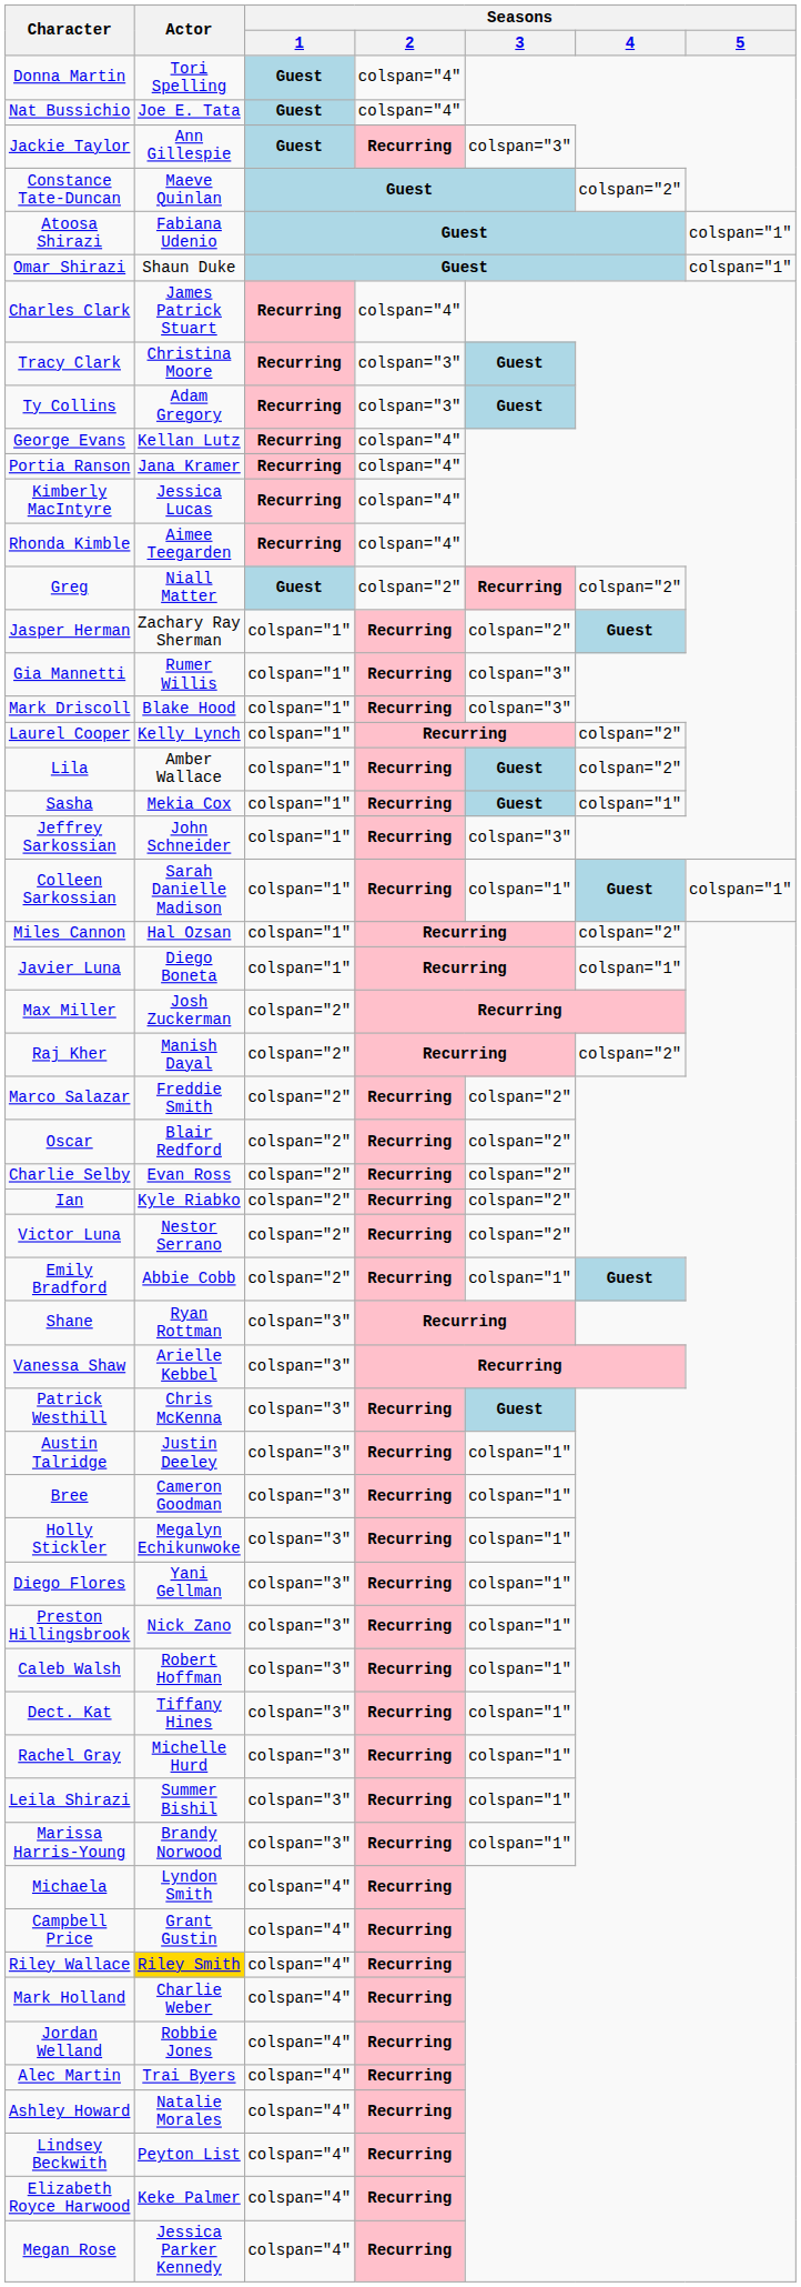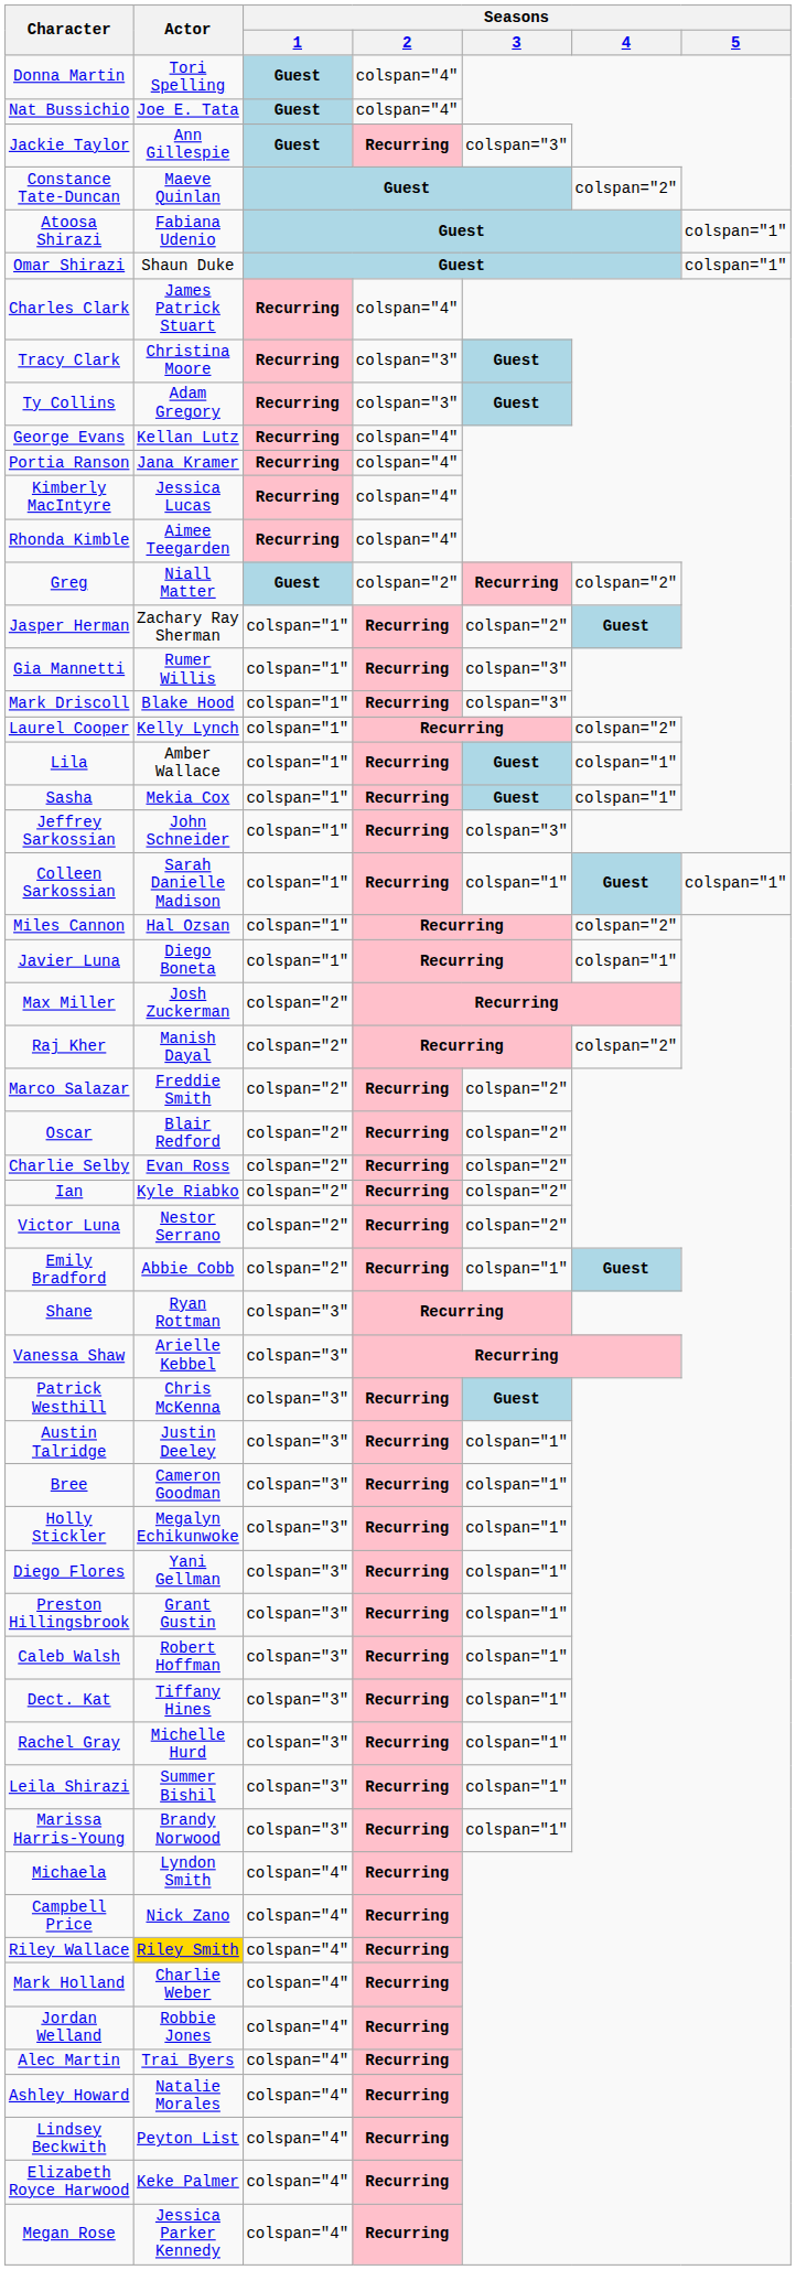 <table class="wikitable plainrowheaders">
 <tr>
 <th scope="col" rowspan="2" style="width:14%;">Character</th>
 <th scope="col" rowspan="2" style="width:14%;">Actor</th>
 <th scope="col" colspan="9">Seasons</th>
 </tr>
 <tr>
 <th scope="col" style="width:8%;"><a href='#'>1</a></th>
 <th scope="col" style="width:8%;"><a href='#'>2</a></th>
 <th scope="col" style="width:8%;"><a href='#'>3</a></th>
 <th scope="col" style="width:8%;"><a href='#'>4</a></th>
 <th scope="col" style="width:8%;"><a href='#'>5</a></th>
 </tr>
 <tr>
 <td style="text-align:center;"><a href='#'>Donna Martin</a></td>
 <td style="text-align:center;"><a href='#'>Tori Spelling</a></td>
 <td colspan="1" style="background:lightblue; text-align:center;"><strong>Guest</strong></td>
 <td>colspan="4" </td>
 </tr>
 <tr>
 <td style="text-align:center;"><a href='#'>Nat Bussichio</a></td>
 <td style="text-align:center;"><a href='#'>Joe E. Tata</a></td>
 <td colspan="1" style="background:lightblue; text-align:center;"><strong>Guest</strong></td>
 <td>colspan="4" </td>
 </tr>
 <tr>
 <td style="text-align:center;"><a href='#'>Jackie Taylor</a></td>
 <td style="text-align:center;"><a href='#'>Ann Gillespie</a></td>
 <td colspan="1" style="background:lightblue; text-align:center;"><strong>Guest</strong></td>
 <td colspan="1" style="background:pink; text-align:center;"><strong>Recurring</strong></td>
 <td>colspan="3" </td>
 </tr>
 <tr>
 <td style="text-align:center;"><a href='#'>Constance Tate-Duncan</a></td>
 <td style="text-align:center;"><a href='#'>Maeve Quinlan</a></td>
 <td colspan="3" style="background:lightblue; text-align:center;"><strong>Guest</strong></td>
 <td>colspan="2" </td>
 </tr>
 <tr>
 <td style="text-align:center;"><a href='#'>Atoosa Shirazi</a></td>
 <td style="text-align:center;"><a href='#'>Fabiana Udenio</a></td>
 <td colspan="4" style="background:lightblue; text-align:center;"><strong>Guest</strong></td>
 <td>colspan="1" </td>
 </tr>
 <tr>
 <td style="text-align:center;"><a href='#'>Omar Shirazi</a></td>
 <td style="text-align:center;">Shaun Duke</td>
 <td colspan="4" style="background:lightblue; text-align:center;"><strong>Guest</strong></td>
 <td>colspan="1" </td>
 </tr>
 <tr>
 <td style="text-align:center;"><a href='#'>Charles Clark</a></td>
 <td style="text-align:center;"><a href='#'>James Patrick Stuart</a></td>
 <td colspan="1" style="background:pink; text-align:center;"><strong>Recurring</strong></td>
 <td>colspan="4" </td>
 </tr>
 <tr>
 <td style="text-align:center;"><a href='#'>Tracy Clark</a></td>
 <td style="text-align:center;"><a href='#'>Christina Moore</a></td>
 <td colspan="1" style="background:pink; text-align:center;"><strong>Recurring</strong></td>
 <td>colspan="3" </td>
 <td colspan="1" style="background:lightblue; text-align:center;"><strong>Guest</strong></td>
 </tr>
 <tr>
 <td style="text-align:center;"><a href='#'>Ty Collins</a></td>
 <td style="text-align:center;"><a href='#'>Adam Gregory</a></td>
 <td colspan="1" style="background:pink; text-align:center;"><strong>Recurring</strong></td>
 <td>colspan="3" </td>
 <td colspan="1" style="background:lightblue; text-align:center;"><strong>Guest</strong></td>
 </tr>
 <tr>
 <td style="text-align:center;"><a href='#'>George Evans</a></td>
 <td style="text-align:center;"><a href='#'>Kellan Lutz</a></td>
 <td colspan="1" style="background:pink; text-align:center;"><strong>Recurring</strong></td>
 <td>colspan="4" </td>
 </tr>
 <tr>
 <td style="text-align:center;"><a href='#'>Portia Ranson</a></td>
 <td style="text-align:center;"><a href='#'>Jana Kramer</a></td>
 <td colspan="1" style="background:pink; text-align:center;"><strong>Recurring</strong></td>
 <td>colspan="4" </td>
 </tr>
 <tr>
 <td style="text-align:center;"><a href='#'>Kimberly MacIntyre</a></td>
 <td style="text-align:center;"><a href='#'>Jessica Lucas</a></td>
 <td colspan="1" style="background:pink; text-align:center;"><strong>Recurring</strong></td>
 <td>colspan="4" </td>
 </tr>
 <tr>
 <td style="text-align:center;"><a href='#'>Rhonda Kimble</a></td>
 <td style="text-align:center;"><a href='#'>Aimee Teegarden</a></td>
 <td colspan="1" style="background:pink; text-align:center;"><strong>Recurring</strong></td>
 <td>colspan="4" </td>
 </tr>
 <tr>
 <td style="text-align:center;"><a href='#'>Greg</a></td>
 <td style="text-align:center;"><a href='#'>Niall Matter</a></td>
 <td colspan="1" style="background:lightblue; text-align:center;"><strong>Guest</strong></td>
 <td>colspan="2" </td>
 <td colspan="1" style="background:pink; text-align:center;"><strong>Recurring</strong></td>
 <td>colspan="2" </td>
 </tr>
 <tr>
 <td style="text-align:center;"><a href='#'>Jasper Herman</a></td>
 <td style="text-align:center;">Zachary Ray Sherman</td>
 <td>colspan="1" </td>
 <td colspan="1" style="background:pink; text-align:center;"><strong>Recurring</strong></td>
 <td>colspan="2" </td>
 <td colspan="1" style="background:lightblue; text-align:center;"><strong>Guest</strong></td>
 </tr>
 <tr>
 <td style="text-align:center;"><a href='#'>Gia Mannetti</a></td>
 <td style="text-align:center;"><a href='#'>Rumer Willis</a></td>
 <td>colspan="1" </td>
 <td colspan="1" style="background:pink; text-align:center;"><strong>Recurring</strong></td>
 <td>colspan="3" </td>
 </tr>
 <tr>
 <td style="text-align:center;"><a href='#'>Mark Driscoll</a></td>
 <td style="text-align:center;"><a href='#'>Blake Hood</a></td>
 <td>colspan="1" </td>
 <td colspan="1" style="background:pink; text-align:center;"><strong>Recurring</strong></td>
 <td>colspan="3" </td>
 </tr>
 <tr>
 <td style="text-align:center;"><a href='#'>Laurel Cooper</a></td>
 <td style="text-align:center;"><a href='#'>Kelly Lynch</a></td>
 <td>colspan="1" </td>
 <td colspan="2" style="background:pink; text-align:center;"><strong>Recurring</strong></td>
 <td>colspan="2" </td>
 </tr>
 <tr>
 <td style="text-align:center;"><a href='#'>Lila</a></td>
 <td style="text-align:center;">Amber Wallace</td>
 <td>colspan="1" </td>
 <td colspan="1" style="background:pink; text-align:center;"><strong>Recurring</strong></td>
 <td colspan="1" style="background:lightblue; text-align:center;"><strong>Guest</strong></td>
-<td>colspan="2" </td>
+<td>colspan="1" </td>
 </tr>
 <tr>
 <td style="text-align:center;"><a href='#'>Sasha</a></td>
 <td style="text-align:center;"><a href='#'>Mekia Cox</a></td>
 <td>colspan="1" </td>
 <td colspan="1" style="background:pink; text-align:center;"><strong>Recurring</strong></td>
 <td colspan="1" style="background:lightblue; text-align:center;"><strong>Guest</strong></td>
 <td>colspan="1" </td>
 </tr>
 <tr>
 <td style="text-align:center;"><a href='#'>Jeffrey Sarkossian</a></td>
 <td style="text-align:center;"><a href='#'>John Schneider</a></td>
 <td>colspan="1" </td>
 <td colspan="1" style="background:pink; text-align:center;"><strong>Recurring</strong></td>
 <td>colspan="3" </td>
 </tr>
 <tr>
 <td style="text-align:center;"><a href='#'>Colleen Sarkossian</a></td>
 <td style="text-align:center;"><a href='#'>Sarah Danielle Madison</a></td>
 <td>colspan="1" </td>
 <td colspan="1" style="background:pink; text-align:center;"><strong>Recurring</strong></td>
 <td>colspan="1" </td>
 <td colspan="1" style="background:lightblue; text-align:center;"><strong>Guest</strong></td>
 <td>colspan="1" </td>
 </tr>
 <tr>
 <td style="text-align:center;"><a href='#'>Miles Cannon</a></td>
 <td style="text-align:center;"><a href='#'>Hal Ozsan</a></td>
 <td>colspan="1" </td>
 <td colspan="2" style="background:pink; text-align:center;"><strong>Recurring</strong></td>
 <td>colspan="2" </td>
 </tr>
 <tr>
 <td style="text-align:center;"><a href='#'>Javier Luna</a></td>
 <td style="text-align:center;"><a href='#'>Diego Boneta</a></td>
 <td>colspan="1" </td>
 <td colspan="2" style="background:pink; text-align:center;"><strong>Recurring</strong></td>
 <td>colspan="1" </td>
 </tr>
 <tr>
 <td style="text-align:center;"><a href='#'>Max Miller</a></td>
 <td style="text-align:center;"><a href='#'>Josh Zuckerman</a></td>
 <td>colspan="2" </td>
 <td colspan="3" style="background:pink; text-align:center;"><strong>Recurring</strong></td>
 </tr>
 <tr>
 <td style="text-align:center;"><a href='#'>Raj Kher</a></td>
 <td style="text-align:center;"><a href='#'>Manish Dayal</a></td>
 <td>colspan="2" </td>
 <td colspan="2" style="background:pink; text-align:center;"><strong>Recurring</strong></td>
 <td>colspan="2" </td>
 </tr>
 <tr>
 <td style="text-align:center;"><a href='#'>Marco Salazar</a></td>
 <td style="text-align:center;"><a href='#'>Freddie Smith</a></td>
 <td>colspan="2" </td>
 <td colspan="1" style="background:pink; text-align:center;"><strong>Recurring</strong></td>
 <td>colspan="2" </td>
 </tr>
 <tr>
 <td style="text-align:center;"><a href='#'>Oscar</a></td>
 <td style="text-align:center;"><a href='#'>Blair Redford</a></td>
 <td>colspan="2" </td>
 <td colspan="1" style="background:pink; text-align:center;"><strong>Recurring</strong></td>
 <td>colspan="2" </td>
 </tr>
 <tr>
 <td style="text-align:center;"><a href='#'>Charlie Selby</a></td>
 <td style="text-align:center;"><a href='#'>Evan Ross</a></td>
 <td>colspan="2" </td>
 <td colspan="1" style="background:pink; text-align:center;"><strong>Recurring</strong></td>
 <td>colspan="2" </td>
 </tr>
 <tr>
 <td style="text-align:center;"><a href='#'>Ian</a></td>
 <td style="text-align:center;"><a href='#'>Kyle Riabko</a></td>
 <td>colspan="2" </td>
 <td colspan="1" style="background:pink; text-align:center;"><strong>Recurring</strong></td>
 <td>colspan="2" </td>
 </tr>
 <tr>
 <td style="text-align:center;"><a href='#'>Victor Luna</a></td>
 <td style="text-align:center;"><a href='#'>Nestor Serrano</a></td>
 <td>colspan="2" </td>
 <td colspan="1" style="background:pink; text-align:center;"><strong>Recurring</strong></td>
 <td>colspan="2" </td>
 </tr>
 <tr>
 <td style="text-align:center;"><a href='#'>Emily Bradford</a></td>
 <td style="text-align:center;"><a href='#'>Abbie Cobb</a></td>
 <td>colspan="2" </td>
 <td colspan="1" style="background:pink; text-align:center;"><strong>Recurring</strong></td>
 <td>colspan="1" </td>
 <td colspan="1" style="background:lightblue; text-align:center;"><strong>Guest</strong></td>
 </tr>
 <tr>
 <td style="text-align:center;"><a href='#'>Shane</a></td>
 <td style="text-align:center;"><a href='#'>Ryan Rottman</a></td>
 <td>colspan="3" </td>
 <td colspan="2" style="background:pink; text-align:center;"><strong>Recurring</strong></td>
 </tr>
 <tr>
 <td style="text-align:center;"><a href='#'>Vanessa Shaw</a></td>
 <td style="text-align:center;"><a href='#'>Arielle Kebbel</a></td>
 <td>colspan="3" </td>
 <td colspan="3" style="background:pink; text-align:center;"><strong>Recurring</strong></td>
 </tr>
 <tr>
 <td style="text-align:center;"><a href='#'>Patrick Westhill</a></td>
 <td style="text-align:center;"><a href='#'>Chris McKenna</a></td>
 <td>colspan="3" </td>
 <td colspan="1" style="background:pink; text-align:center;"><strong>Recurring</strong></td>
 <td colspan="1" style="background:lightblue; text-align:center;"><strong>Guest</strong></td>
 </tr>
 <tr>
 <td style="text-align:center;"><a href='#'>Austin Talridge</a></td>
 <td style="text-align:center;"><a href='#'>Justin Deeley</a></td>
 <td>colspan="3" </td>
 <td colspan="1" style="background:pink; text-align:center;"><strong>Recurring</strong></td>
 <td>colspan="1" </td>
 </tr>
 <tr>
 <td style="text-align:center;"><a href='#'>Bree</a></td>
 <td style="text-align:center;"><a href='#'>Cameron Goodman</a></td>
 <td>colspan="3" </td>
 <td colspan="1" style="background:pink; text-align:center;"><strong>Recurring</strong></td>
 <td>colspan="1" </td>
 </tr>
 <tr>
 <td style="text-align:center;"><a href='#'>Holly Stickler</a></td>
 <td style="text-align:center;"><a href='#'>Megalyn Echikunwoke</a></td>
 <td>colspan="3" </td>
 <td colspan="1" style="background:pink; text-align:center;"><strong>Recurring</strong></td>
 <td>colspan="1" </td>
 </tr>
 <tr>
 <td style="text-align:center;"><a href='#'>Diego Flores</a></td>
 <td style="text-align:center;"><a href='#'>Yani Gellman</a></td>
 <td>colspan="3" </td>
 <td colspan="1" style="background:pink; text-align:center;"><strong>Recurring</strong></td>
 <td>colspan="1" </td>
 </tr>
 <tr>
 <td style="text-align:center;"><a href='#'>Preston Hillingsbrook</a></td>
-<td style="text-align:center;"><a href='#'>Nick Zano</a></td>
+<td style="text-align:center;"><a href='#'>Grant Gustin</a></td>
 <td>colspan="3" </td>
 <td colspan="1" style="background:pink; text-align:center;"><strong>Recurring</strong></td>
 <td>colspan="1" </td>
 </tr>
 <tr>
 <td style="text-align:center;"><a href='#'>Caleb Walsh</a></td>
 <td style="text-align:center;"><a href='#'>Robert Hoffman</a></td>
 <td>colspan="3" </td>
 <td colspan="1" style="background:pink; text-align:center;"><strong>Recurring</strong></td>
 <td>colspan="1" </td>
 </tr>
 <tr>
 <td style="text-align:center;"><a href='#'>Dect. Kat</a></td>
 <td style="text-align:center;"><a href='#'>Tiffany Hines</a></td>
 <td>colspan="3" </td>
 <td colspan="1" style="background:pink; text-align:center;"><strong>Recurring</strong></td>
 <td>colspan="1" </td>
 </tr>
 <tr>
 <td style="text-align:center;"><a href='#'>Rachel Gray</a></td>
 <td style="text-align:center;"><a href='#'>Michelle Hurd</a></td>
 <td>colspan="3" </td>
 <td colspan="1" style="background:pink; text-align:center;"><strong>Recurring</strong></td>
 <td>colspan="1" </td>
 </tr>
 <tr>
 <td style="text-align:center;"><a href='#'>Leila Shirazi</a></td>
 <td style="text-align:center;"><a href='#'>Summer Bishil</a></td>
 <td>colspan="3" </td>
 <td colspan="1" style="background:pink; text-align:center;"><strong>Recurring</strong></td>
 <td>colspan="1" </td>
 </tr>
 <tr>
 <td style="text-align:center;"><a href='#'>Marissa Harris-Young</a></td>
 <td style="text-align:center;"><a href='#'>Brandy Norwood</a></td>
 <td>colspan="3" </td>
 <td colspan="1" style="background:pink; text-align:center;"><strong>Recurring</strong></td>
 <td>colspan="1" </td>
 </tr>
 <tr>
 <td style="text-align:center;"><a href='#'>Michaela</a></td>
 <td style="text-align:center;"><a href='#'>Lyndon Smith</a></td>
 <td>colspan="4" </td>
 <td colspan="1" style="background:pink; text-align:center;"><strong>Recurring</strong></td>
 </tr>
 <tr>
 <td style="text-align:center;"><a href='#'>Campbell Price</a></td>
-<td style="text-align:center;"><a href='#'>Grant Gustin</a></td>
+<td style="text-align:center;"><a href='#'>Nick Zano</a></td>
 <td>colspan="4" </td>
 <td colspan="1" style="background:pink; text-align:center;"><strong>Recurring</strong></td>
 </tr>
 <tr>
 <td style="text-align:center;"><a href='#'>Riley Wallace</a></td>
 <td style="background: gold; text-align:center;"><a href='#'>Riley Smith</a></td>
 <td>colspan="4" </td>
 <td colspan="1" style="background:pink; text-align:center;"><strong>Recurring</strong></td>
 </tr>
 <tr>
 <td style="text-align:center;"><a href='#'>Mark Holland</a></td>
 <td style="text-align:center;"><a href='#'>Charlie Weber</a></td>
 <td>colspan="4" </td>
 <td colspan="1" style="background:pink; text-align:center;"><strong>Recurring</strong></td>
 </tr>
 <tr>
 <td style="text-align:center;"><a href='#'>Jordan Welland</a></td>
 <td style="text-align:center;"><a href='#'>Robbie Jones</a></td>
 <td>colspan="4" </td>
 <td colspan="1" style="background:pink; text-align:center;"><strong>Recurring</strong></td>
 </tr>
 <tr>
 <td style="text-align:center;"><a href='#'>Alec Martin</a></td>
 <td style="text-align:center;"><a href='#'>Trai Byers</a></td>
 <td>colspan="4" </td>
 <td colspan="1" style="background:pink; text-align:center;"><strong>Recurring</strong></td>
 </tr>
 <tr>
 <td style="text-align:center;"><a href='#'>Ashley Howard</a></td>
 <td style="text-align:center;"><a href='#'>Natalie Morales</a></td>
 <td>colspan="4" </td>
 <td colspan="1" style="background:pink; text-align:center;"><strong>Recurring</strong></td>
 </tr>
 <tr>
 <td style="text-align:center;"><a href='#'>Lindsey Beckwith</a></td>
 <td style="text-align:center;"><a href='#'>Peyton List</a></td>
 <td>colspan="4" </td>
 <td colspan="1" style="background:pink; text-align:center;"><strong>Recurring</strong></td>
 </tr>
 <tr>
 <td style="text-align:center;"><a href='#'>Elizabeth Royce Harwood</a></td>
 <td style="text-align:center;"><a href='#'>Keke Palmer</a></td>
 <td>colspan="4" </td>
 <td colspan="1" style="background:pink; text-align:center;"><strong>Recurring</strong></td>
 </tr>
 <tr>
 <td style="text-align:center;"><a href='#'>Megan Rose</a></td>
 <td style="text-align:center;"><a href='#'>Jessica Parker Kennedy</a></td>
 <td>colspan="4" </td>
 <td colspan="1" style="background:pink; text-align:center;"><strong>Recurring</strong></td>
 </tr>
 </table>
